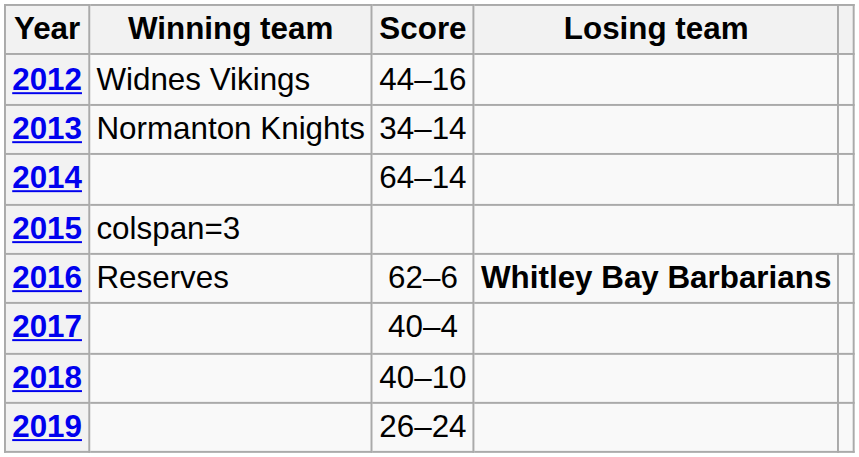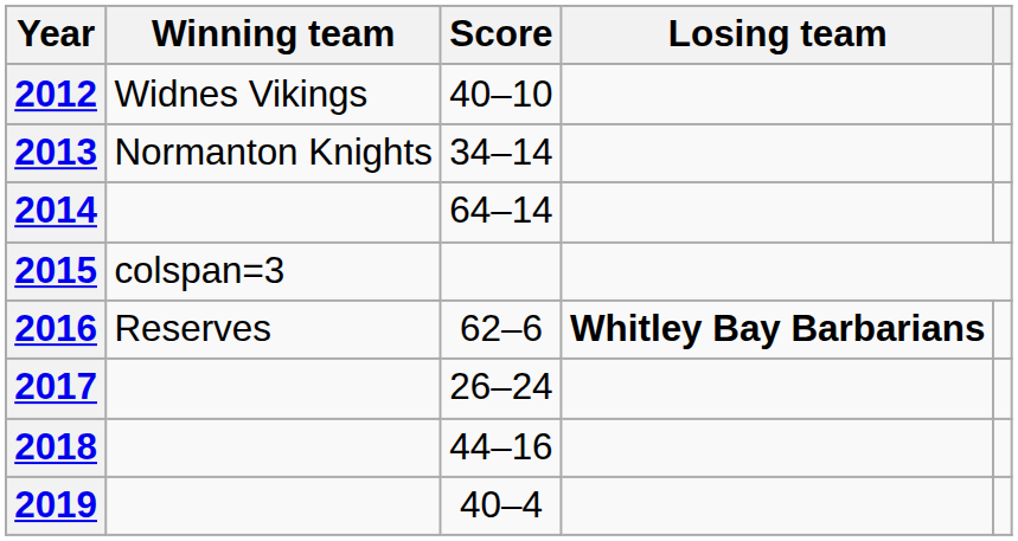 <table class="wikitable" style="text-align:left">
 <tr>
 <th scope="col">Year</th>
 <th scope="col">Winning team</th>
 <th scope="col">Score</th>
 <th scope="col">Losing team</th>
 <th scope="col"></th>
 </tr>
 <tr>
 <th scope="row"><a href='#'>2012</a></th>
 <td> Widnes Vikings</td>
-<td style="text-align:center">44–16</td>
+<td style="text-align:center">40–10</td>
 <td></td>
 <td></td>
 </tr>
 <tr>
 <th scope="row"><a href='#'>2013</a></th>
 <td>Normanton Knights</td>
 <td style="text-align:center">34–14</td>
 <td></td>
 <td></td>
 </tr>
 <tr>
 <th scope="row"><a href='#'>2014</a></th>
 <td></td>
 <td style="text-align:center">64–14</td>
 <td></td>
 <td></td>
 </tr>
 <tr>
 <th scope="row"><a href='#'>2015</a></th>
 <td>colspan=3 </td>
 <td></td>
 </tr>
 <tr>
 <th scope="row"><a href='#'>2016</a></th>
 <td> Reserves</td>
 <td style="text-align:center">62–6</td>
 <td><strong>Whitley Bay Barbarians</strong></td>
 <td></td>
 </tr>
 <tr>
 <th scope="row"><a href='#'>2017</a></th>
 <td></td>
-<td style="text-align:center">40–4</td>
+<td style="text-align:center">26–24</td>
 <td></td>
 <td></td>
 </tr>
 <tr>
 <th scope="row"><a href='#'>2018</a></th>
 <td></td>
-<td style="text-align:center">40–10</td>
+<td style="text-align:center">44–16</td>
 <td></td>
 <td></td>
 </tr>
 <tr>
 <th scope="row"><a href='#'>2019</a></th>
 <td></td>
-<td style="text-align:center">26–24</td>
+<td style="text-align:center">40–4</td>
 <td></td>
 <td></td>
 </tr>
 </table>
